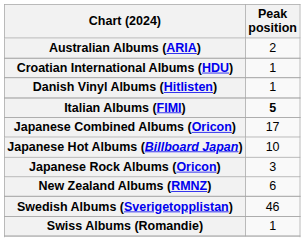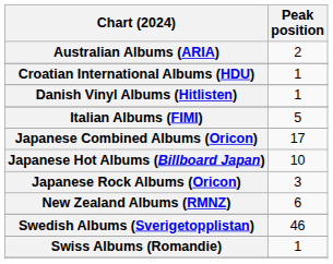 <table class="wikitable sortable plainrowheaders" style="text-align:center;">
 <tr>
 <th scope="col">Chart (2024)</th>
 <th scope="col">Peak<br>position</th>
 </tr>
 <tr>
 <th scope="row">Australian Albums (<a href='#'>ARIA</a>)</th>
 <td>2</td>
 </tr>
 <tr>
 </tr>
 <tr>
 </tr>
 <tr>
 </tr>
 <tr>
 </tr>
 <tr>
 <th scope="row">Croatian International Albums (<a href='#'>HDU</a>)</th>
 <td>1</td>
 </tr>
 <tr>
 </tr>
 <tr>
 <th scope="row">Danish Vinyl Albums (<a href='#'>Hitlisten</a>)</th>
 <td>1</td>
 </tr>
 <tr>
 </tr>
 <tr>
 </tr>
 <tr>
 </tr>
 <tr>
 </tr>
 <tr>
 </tr>
 <tr>
 </tr>
 <tr>
 <th scope="row">Italian Albums (<a href='#'>FIMI</a>)</th>
-<td><strong>5</strong></td>
+<td>5</td>
 </tr>
 <tr>
 </tr>
 <tr>
 <th scope="row">Japanese Combined Albums (<a href='#'>Oricon</a>)</th>
 <td>17</td>
 </tr>
 <tr>
 <th scope="row">Japanese Hot Albums (<em><a href='#'>Billboard Japan</a></em>)</th>
 <td>10</td>
 </tr>
 <tr>
 <th scope="row">Japanese Rock Albums (<a href='#'>Oricon</a>)</th>
 <td>3</td>
 </tr>
 <tr>
 <th scope="row">New Zealand Albums (<a href='#'>RMNZ</a>)</th>
 <td>6</td>
 </tr>
 <tr>
 </tr>
 <tr>
 </tr>
 <tr>
 </tr>
 <tr>
 </tr>
 <tr>
 <th scope="row">Swedish Albums (<a href='#'>Sverigetopplistan</a>)</th>
 <td>46</td>
 </tr>
 <tr>
 </tr>
 <tr>
 <th scope="row">Swiss Albums (Romandie)</th>
 <td>1</td>
 </tr>
 <tr>
 </tr>
 <tr>
 </tr>
 <tr>
 </tr>
 <tr>
 </tr>
 <tr>
 </tr>
 </table>
